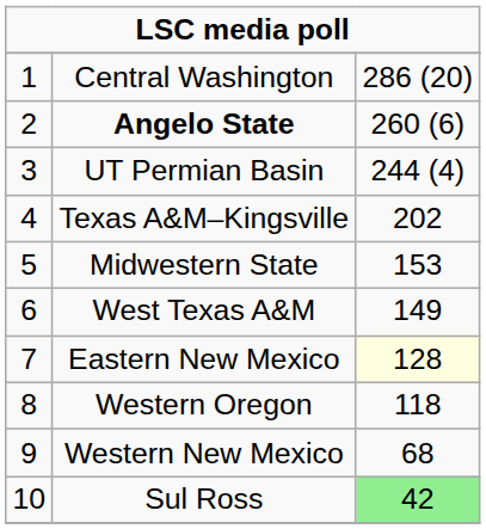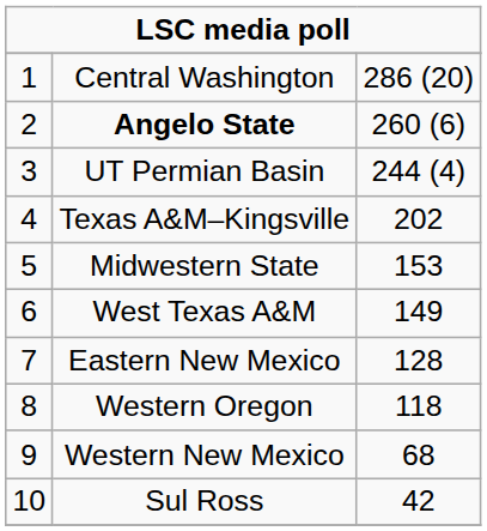 <table class="wikitable" style="display: inline-table;">
 <tr>
 <td align="center" Colspan="3"><strong>LSC media poll</strong></td>
 </tr>
 <tr align="center">
 </tr>
 <tr align="center">
 <td>1</td>
 <td>Central Washington</td>
 <td>286 (20)</td>
 </tr>
 <tr align="center">
 <td>2</td>
 <td><strong>Angelo State</strong></td>
 <td>260 (6)</td>
 </tr>
 <tr align="center">
 <td>3</td>
 <td>UT Permian Basin</td>
 <td>244 (4)</td>
 </tr>
 <tr align="center">
 <td>4</td>
 <td>Texas A&M–Kingsville</td>
 <td>202</td>
 </tr>
 <tr align="center">
 <td>5</td>
 <td>Midwestern State</td>
 <td>153</td>
 </tr>
 <tr align="center">
 <td>6</td>
 <td>West Texas A&M</td>
 <td>149</td>
 </tr>
 <tr align="center">
 <td>7</td>
 <td>Eastern New Mexico</td>
-<td style="background: lightyellow;">128</td>
+<td>128</td>
 </tr>
 <tr align="center">
 <td>8</td>
 <td>Western Oregon</td>
 <td>118</td>
 </tr>
 <tr align="center">
 <td>9</td>
 <td>Western New Mexico</td>
 <td>68</td>
 </tr>
 <tr align="center">
 <td>10</td>
 <td>Sul Ross</td>
-<td style="background: lightgreen;">42</td>
+<td>42</td>
 </tr>
 <tr>
 </tr>
 </table>
